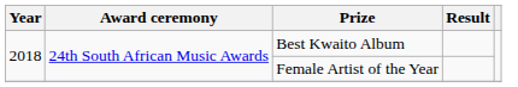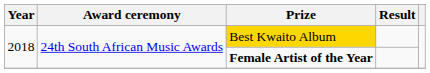 <table class ="wikitable">
 <tr>
 <th>Year</th>
 <th>Award ceremony</th>
 <th>Prize</th>
 <th>Result</th>
 <th></th>
 </tr>
 <tr>
 <td rowspan="2">2018</td>
 <td rowspan="2"><a href='#'>24th South African Music Awards</a></td>
-<td>Best Kwaito Album</td>
+<td style="background: gold;">Best Kwaito Album</td>
 <td></td>
 <td rowspan="2"></td>
 </tr>
 <tr>
-<td>Female Artist of the Year</td>
+<td><strong>Female Artist of the Year</strong></td>
 <td></td>
 </tr>
 <tr>
 </tr>
 </table>
